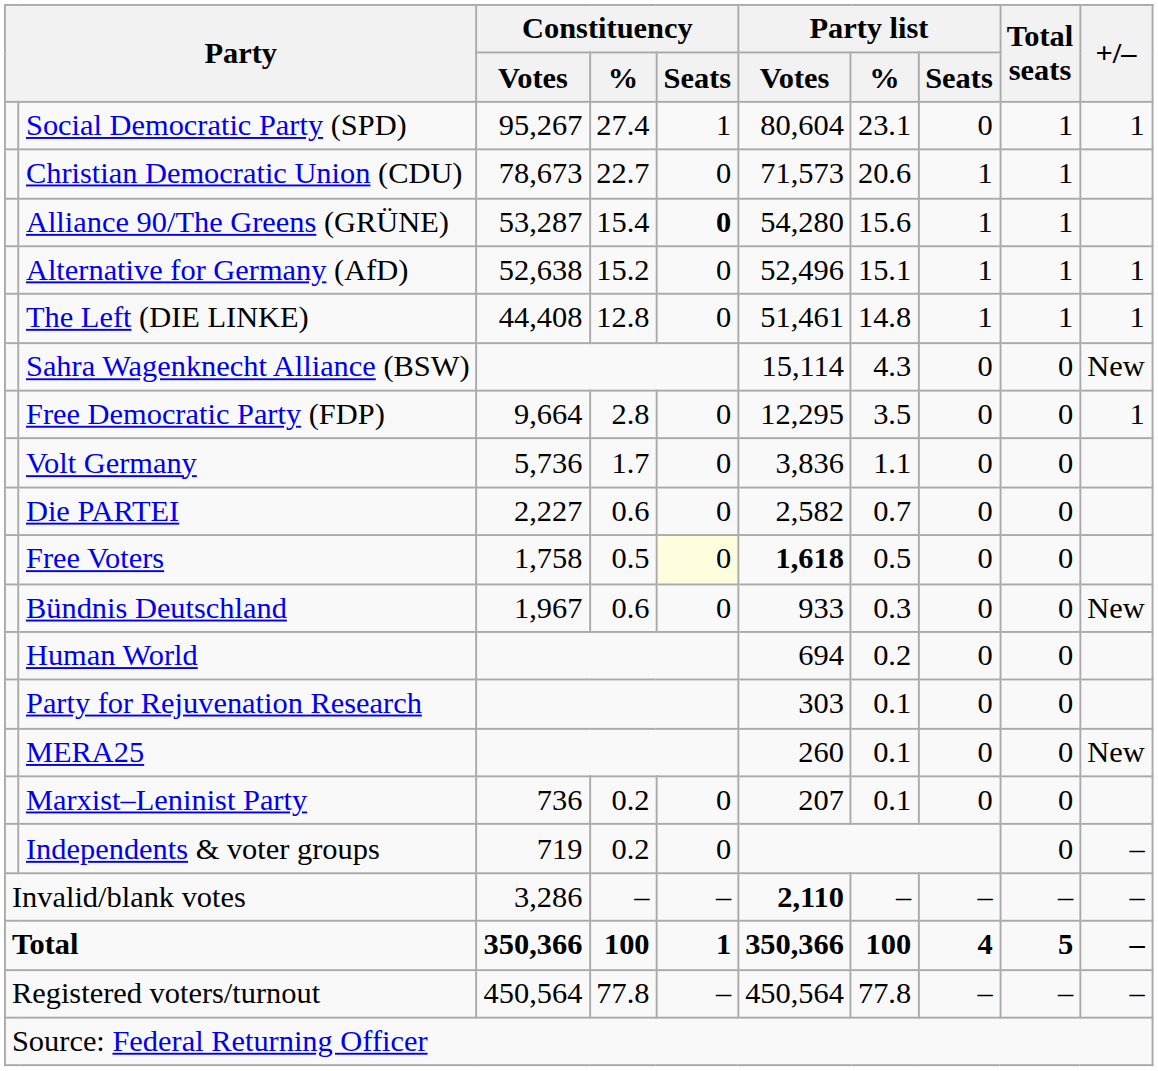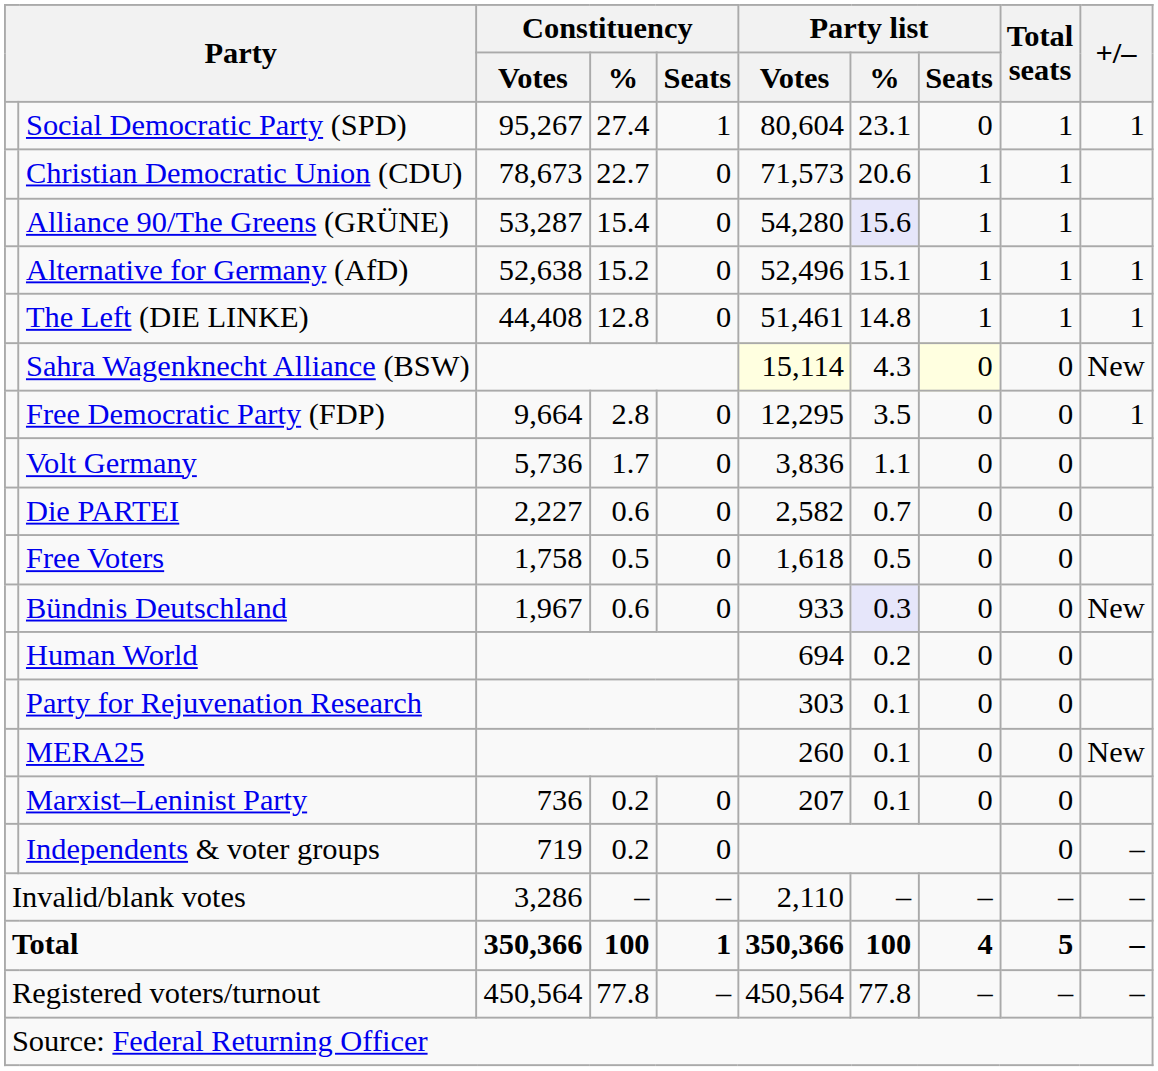 <table class="wikitable" style="text-align:right">
 <tr>
 <th colspan="2" rowspan="2">Party</th>
 <th colspan="3">Constituency</th>
 <th colspan="3">Party list</th>
 <th rowspan="2">Total<br>seats</th>
 <th rowspan="2">+/–</th>
 </tr>
 <tr>
 <th>Votes</th>
 <th>%</th>
 <th>Seats</th>
 <th>Votes</th>
 <th>%</th>
 <th>Seats</th>
 </tr>
 <tr>
 <td></td>
 <td align="left"><a href='#'>Social Democratic Party</a> (SPD)</td>
 <td>95,267</td>
 <td>27.4</td>
 <td>1</td>
 <td>80,604</td>
 <td>23.1</td>
 <td>0</td>
 <td>1</td>
 <td> 1</td>
 </tr>
 <tr>
 <td></td>
 <td align="left"><a href='#'>Christian Democratic Union</a> (CDU)</td>
 <td>78,673</td>
 <td>22.7</td>
 <td>0</td>
 <td>71,573</td>
 <td>20.6</td>
 <td>1</td>
 <td>1</td>
 <td></td>
 </tr>
 <tr>
 <td></td>
 <td align="left"><a href='#'>Alliance 90/The Greens</a> (GRÜNE)</td>
 <td>53,287</td>
 <td>15.4</td>
-<td><strong>0</strong></td>
+<td>0</td>
 <td>54,280</td>
-<td>15.6</td>
+<td style="background: lavender;">15.6</td>
 <td>1</td>
 <td>1</td>
 <td></td>
 </tr>
 <tr>
 <td></td>
 <td align="left"><a href='#'>Alternative for Germany</a> (AfD)</td>
 <td>52,638</td>
 <td>15.2</td>
 <td>0</td>
 <td>52,496</td>
 <td>15.1</td>
 <td>1</td>
 <td>1</td>
 <td> 1</td>
 </tr>
 <tr>
 <td></td>
 <td align="left"><a href='#'>The Left</a> (DIE LINKE)</td>
 <td>44,408</td>
 <td>12.8</td>
 <td>0</td>
 <td>51,461</td>
 <td>14.8</td>
 <td>1</td>
 <td>1</td>
 <td> 1</td>
 </tr>
 <tr>
 <td style="background-color:"></td>
 <td align="left"><a href='#'>Sahra Wagenknecht Alliance</a> (BSW)</td>
 <td colspan="3"></td>
-<td>15,114</td>
+<td style="background: lightyellow;">15,114</td>
 <td>4.3</td>
-<td>0</td>
+<td style="background: lightyellow;">0</td>
 <td>0</td>
 <td>New</td>
 </tr>
 <tr>
 <td></td>
 <td align="left"><a href='#'>Free Democratic Party</a> (FDP)</td>
 <td>9,664</td>
 <td>2.8</td>
 <td>0</td>
 <td>12,295</td>
 <td>3.5</td>
 <td>0</td>
 <td>0</td>
 <td> 1</td>
 </tr>
 <tr>
 <td style="background-color:"></td>
 <td align="left"><a href='#'>Volt Germany</a></td>
 <td>5,736</td>
 <td>1.7</td>
 <td>0</td>
 <td>3,836</td>
 <td>1.1</td>
 <td>0</td>
 <td>0</td>
 <td></td>
 </tr>
 <tr>
 <td style="background-color:"></td>
 <td align="left"><a href='#'>Die PARTEI</a></td>
 <td>2,227</td>
 <td>0.6</td>
 <td>0</td>
 <td>2,582</td>
 <td>0.7</td>
 <td>0</td>
 <td>0</td>
 <td></td>
 </tr>
 <tr>
 <td style="background-color:"></td>
 <td align="left"><a href='#'>Free Voters</a></td>
 <td>1,758</td>
 <td>0.5</td>
-<td style="background: lightyellow;">0</td>
-<td><strong>1,618</strong></td>
+<td>0</td>
+<td>1,618</td>
 <td>0.5</td>
 <td>0</td>
 <td>0</td>
 <td></td>
 </tr>
 <tr>
 <td style="background-color:"></td>
 <td align="left"><a href='#'>Bündnis Deutschland</a></td>
 <td>1,967</td>
 <td>0.6</td>
 <td>0</td>
 <td>933</td>
-<td>0.3</td>
+<td style="background: lavender;">0.3</td>
 <td>0</td>
 <td>0</td>
 <td>New</td>
 </tr>
 <tr>
 <td style="background-color:"></td>
 <td align="left"><a href='#'>Human World</a></td>
 <td colspan="3"></td>
 <td>694</td>
 <td>0.2</td>
 <td>0</td>
 <td>0</td>
 <td></td>
 </tr>
 <tr>
 <td style="background-color:"></td>
 <td align="left"><a href='#'>Party for Rejuvenation Research</a></td>
 <td colspan="3"></td>
 <td>303</td>
 <td>0.1</td>
 <td>0</td>
 <td>0</td>
 <td></td>
 </tr>
 <tr>
 <td style="background-color:"></td>
 <td align="left"><a href='#'>MERA25</a></td>
 <td colspan="3"></td>
 <td>260</td>
 <td>0.1</td>
 <td>0</td>
 <td>0</td>
 <td>New</td>
 </tr>
 <tr>
 <td style="background-color:"></td>
 <td align="left"><a href='#'>Marxist–Leninist Party</a></td>
 <td>736</td>
 <td>0.2</td>
 <td>0</td>
 <td>207</td>
 <td>0.1</td>
 <td>0</td>
 <td>0</td>
 <td></td>
 </tr>
 <tr>
 <td style="background-color:"></td>
 <td align="left"><a href='#'>Independents</a> & voter groups</td>
 <td>719</td>
 <td>0.2</td>
 <td>0</td>
 <td colspan="3"></td>
 <td>0</td>
 <td>–</td>
 </tr>
 <tr>
 <td colspan="2" align="left">Invalid/blank votes</td>
 <td>3,286</td>
 <td>–</td>
 <td>–</td>
-<td><strong>2,110</strong></td>
+<td>2,110</td>
 <td>–</td>
 <td>–</td>
 <td>–</td>
 <td>–</td>
 </tr>
 <tr>
 <td colspan="2" align="left"><strong>Total</strong></td>
 <td><strong>350,366</strong></td>
 <td><strong>100</strong></td>
 <td><strong>1</strong></td>
 <td><strong>350,366</strong></td>
 <td><strong>100</strong></td>
 <td><strong>4</strong></td>
 <td><strong>5</strong></td>
 <td><strong>–</strong></td>
 </tr>
 <tr>
 <td colspan="2" align="left">Registered voters/turnout</td>
 <td>450,564</td>
 <td>77.8</td>
 <td>–</td>
 <td>450,564</td>
 <td>77.8</td>
 <td>–</td>
 <td>–</td>
 <td>–</td>
 </tr>
 <tr>
 <td colspan="10" align="left">Source: <a href='#'>Federal Returning Officer</a></td>
 </tr>
 </table>
